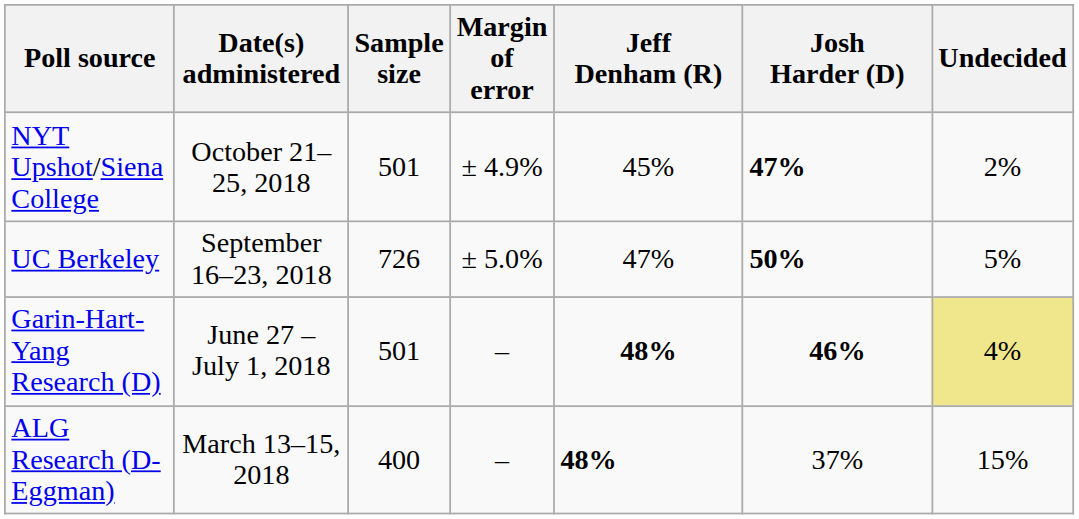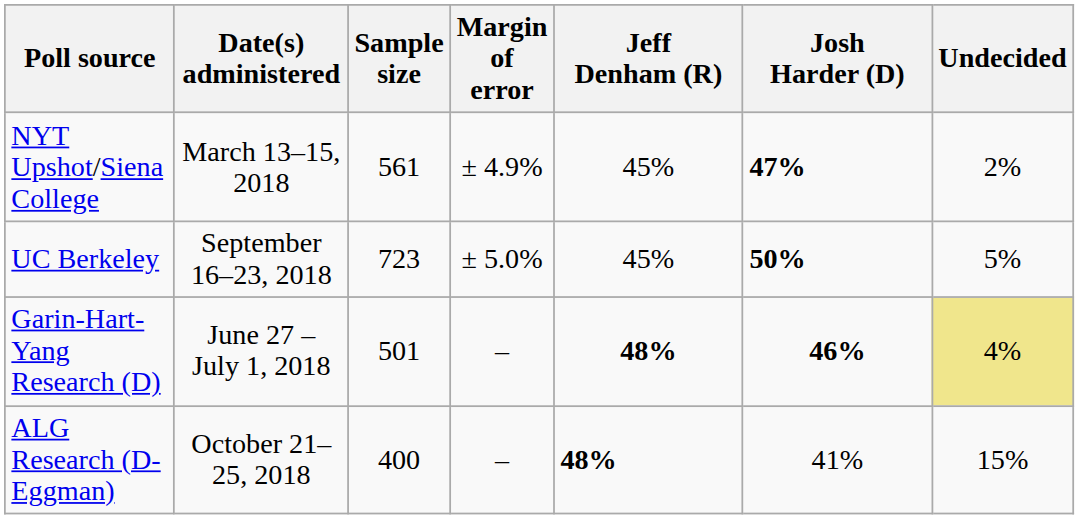 <table class="wikitable">
 <tr>
 <th>Poll source</th>
 <th>Date(s)<br>administered</th>
 <th>Sample<br>size</th>
 <th>Margin<br>of error</th>
 <th style="width:100px;">Jeff<br>Denham (R)</th>
 <th style="width:100px;">Josh<br>Harder (D)</th>
 <th>Undecided</th>
 </tr>
 <tr>
 <td><a href='#'>NYT Upshot</a>/<a href='#'>Siena College</a></td>
-<td style="text-align:center">October 21–25, 2018</td>
-<td style="text-align:center">501</td>
+<td style="text-align:center">March 13–15, 2018</td>
+<td style="text-align:center">561</td>
 <td style="text-align:center">± 4.9%</td>
 <td style="text-align:center">45%</td>
 <td style="background-color:"><strong>47%</strong></td>
 <td style="text-align:center">2%</td>
 </tr>
 <tr>
 <td><a href='#'>UC Berkeley</a></td>
 <td style="text-align:center">September 16–23, 2018</td>
-<td style="text-align:center">726</td>
+<td style="text-align:center">723</td>
 <td style="text-align:center">± 5.0%</td>
-<td style="text-align:center">47%</td>
+<td style="text-align:center">45%</td>
 <td style="background-color:"><strong>50%</strong></td>
 <td style="text-align:center">5%</td>
 </tr>
 <tr>
 <td><a href='#'>Garin-Hart-Yang Research (D)</a></td>
 <td style="text-align:center">June 27 – July 1, 2018</td>
 <td style="text-align:center">501</td>
 <td style="text-align:center">–</td>
 <td style="text-align:center"><strong>48%</strong></td>
 <td style="text-align:center"><strong>46%</strong></td>
 <td style="background: khaki; text-align:center">4%</td>
 </tr>
 <tr>
 <td><a href='#'>ALG Research (D-Eggman)</a></td>
-<td style="text-align:center">March 13–15, 2018</td>
+<td style="text-align:center">October 21–25, 2018</td>
 <td style="text-align:center">400</td>
 <td style="text-align:center">–</td>
 <td style="background-color:"><strong>48%</strong></td>
-<td style="text-align:center">37%</td>
+<td style="text-align:center">41%</td>
 <td style="text-align:center">15%</td>
 </tr>
 </table>
